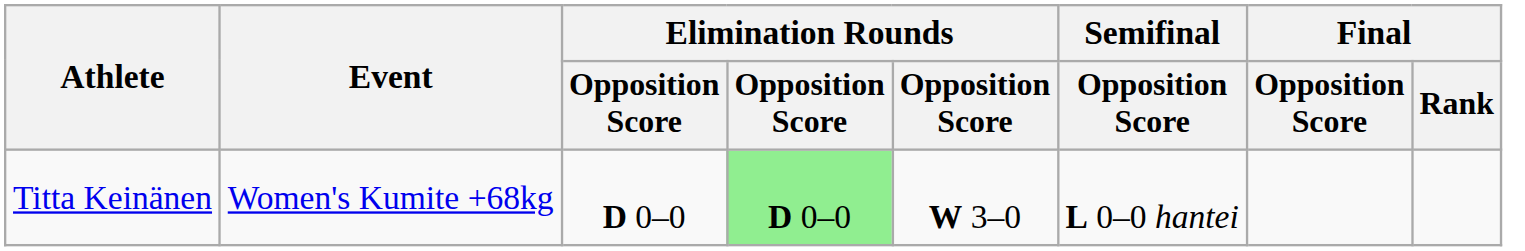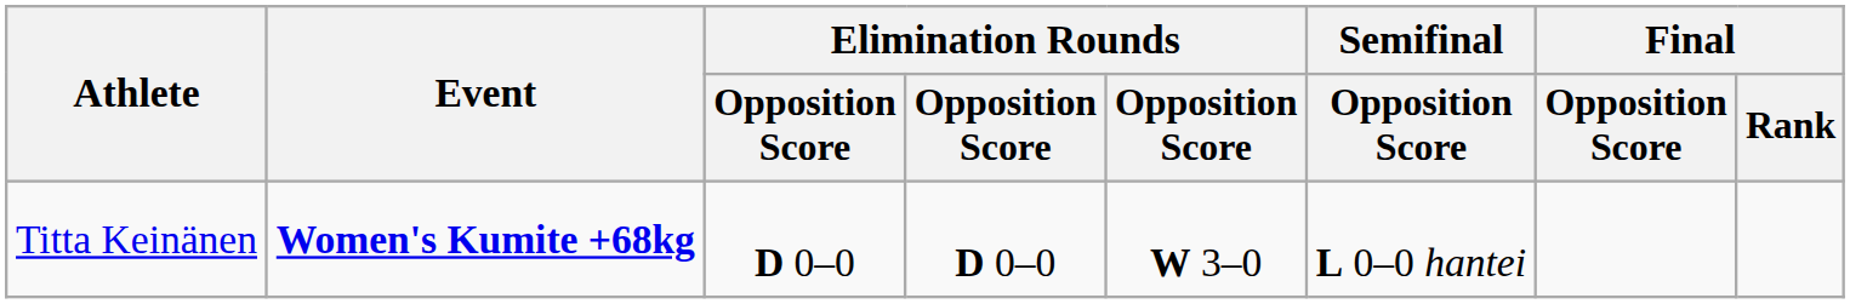 <table class="wikitable" style="text-align:center; font-size:90%">
 <tr>
 <th rowspan=2>Athlete</th>
 <th rowspan=2>Event</th>
 <th colspan=3>Elimination Rounds</th>
 <th>Semifinal</th>
 <th colspan=2>Final</th>
 </tr>
 <tr style="font-size:95%">
 <th>Opposition<br>Score</th>
 <th>Opposition<br>Score</th>
 <th>Opposition<br>Score</th>
 <th>Opposition<br>Score</th>
 <th>Opposition<br>Score</th>
 <th>Rank</th>
 </tr>
 <tr>
 <td align=left><a href='#'>Titta Keinänen</a></td>
-<td align=left><a href='#'>Women's Kumite +68kg</a></td>
+<td align=left><strong><a href='#'>Women's Kumite +68kg</a></strong></td>
 <td><br><strong>D</strong> 0–0</td>
-<td style="background: lightgreen;"><br><strong>D</strong> 0–0</td>
+<td><br><strong>D</strong> 0–0</td>
 <td><br><strong>W</strong> 3–0</td>
 <td><br><strong>L</strong> 0–0 <em>hantei</em></td>
 <td></td>
 <td></td>
 </tr>
 </table>
